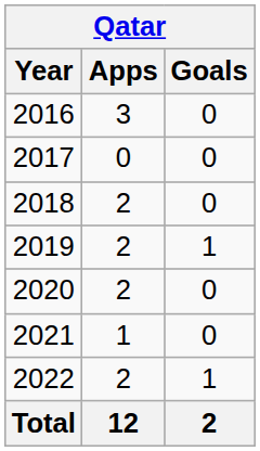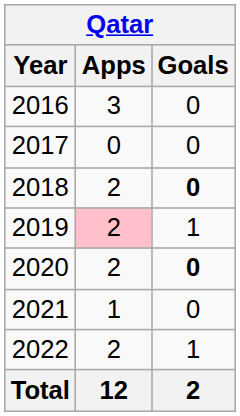 <table class="wikitable" style="text-align:center">
 <tr>
 <th colspan=3><a href='#'>Qatar</a></th>
 </tr>
 <tr>
 <th>Year</th>
 <th>Apps</th>
 <th>Goals</th>
 </tr>
 <tr>
 <td>2016</td>
 <td>3</td>
 <td>0</td>
 </tr>
 <tr>
 <td>2017</td>
 <td>0</td>
 <td>0</td>
 </tr>
 <tr>
 <td>2018</td>
 <td>2</td>
-<td>0</td>
+<td><strong>0</strong></td>
 </tr>
 <tr>
 <td>2019</td>
-<td>2</td>
+<td style="background: pink;">2</td>
 <td>1</td>
 </tr>
 <tr>
 <td>2020</td>
 <td>2</td>
-<td>0</td>
+<td><strong>0</strong></td>
 </tr>
 <tr>
 <td>2021</td>
 <td>1</td>
 <td>0</td>
 </tr>
 <tr>
 <td>2022</td>
 <td>2</td>
 <td>1</td>
 </tr>
 <tr>
 <th>Total</th>
 <th>12</th>
 <th>2</th>
 </tr>
 </table>
